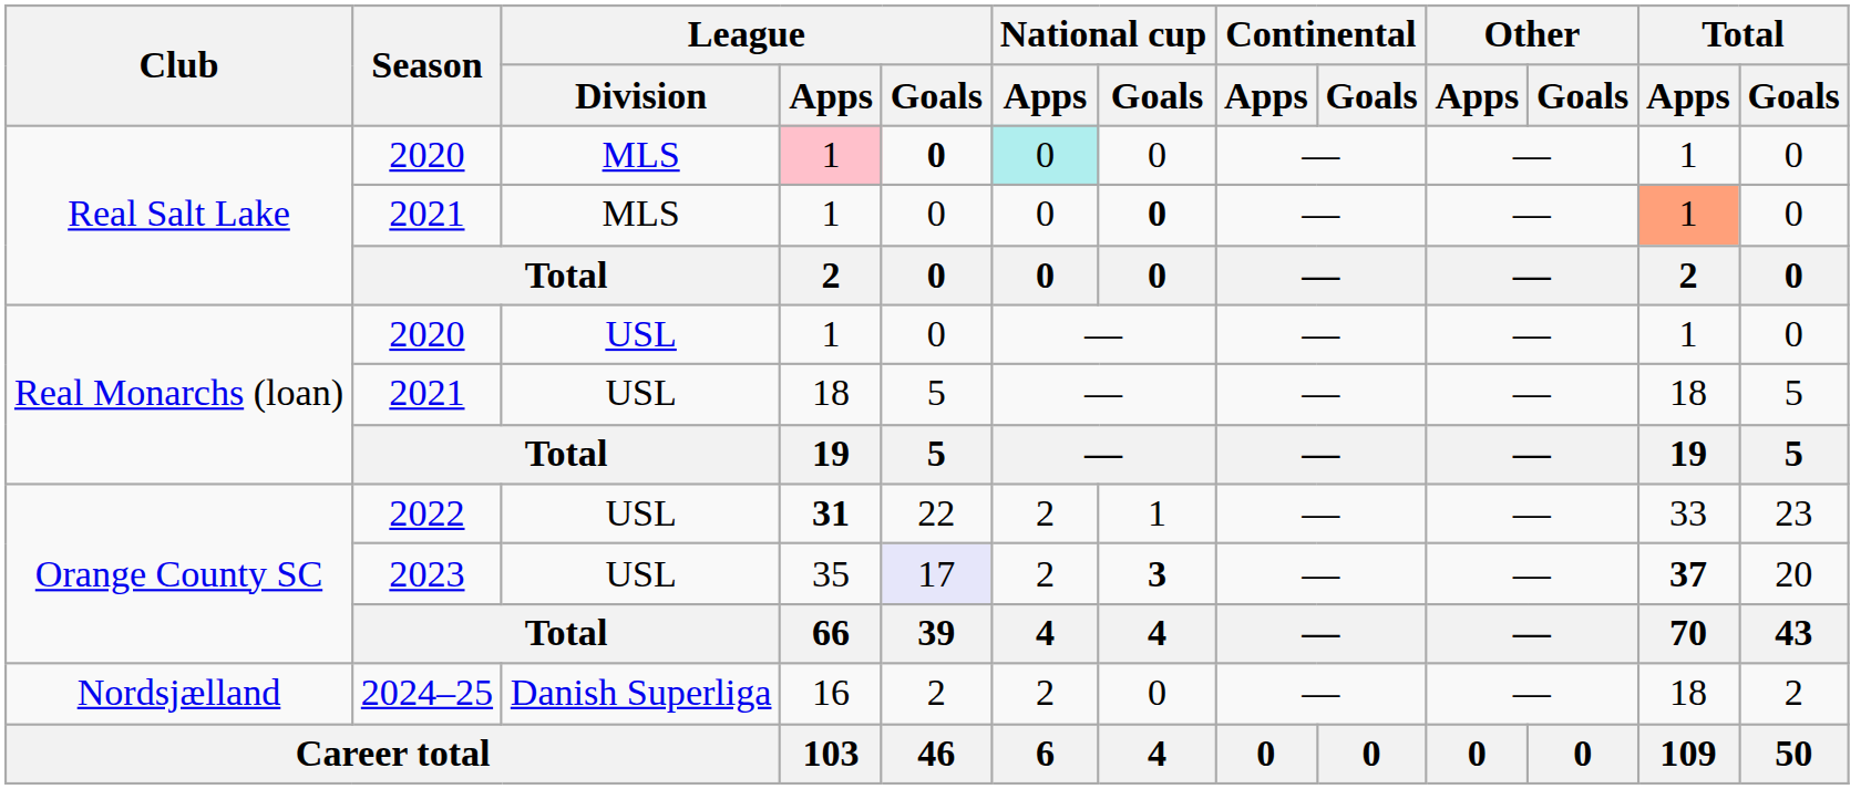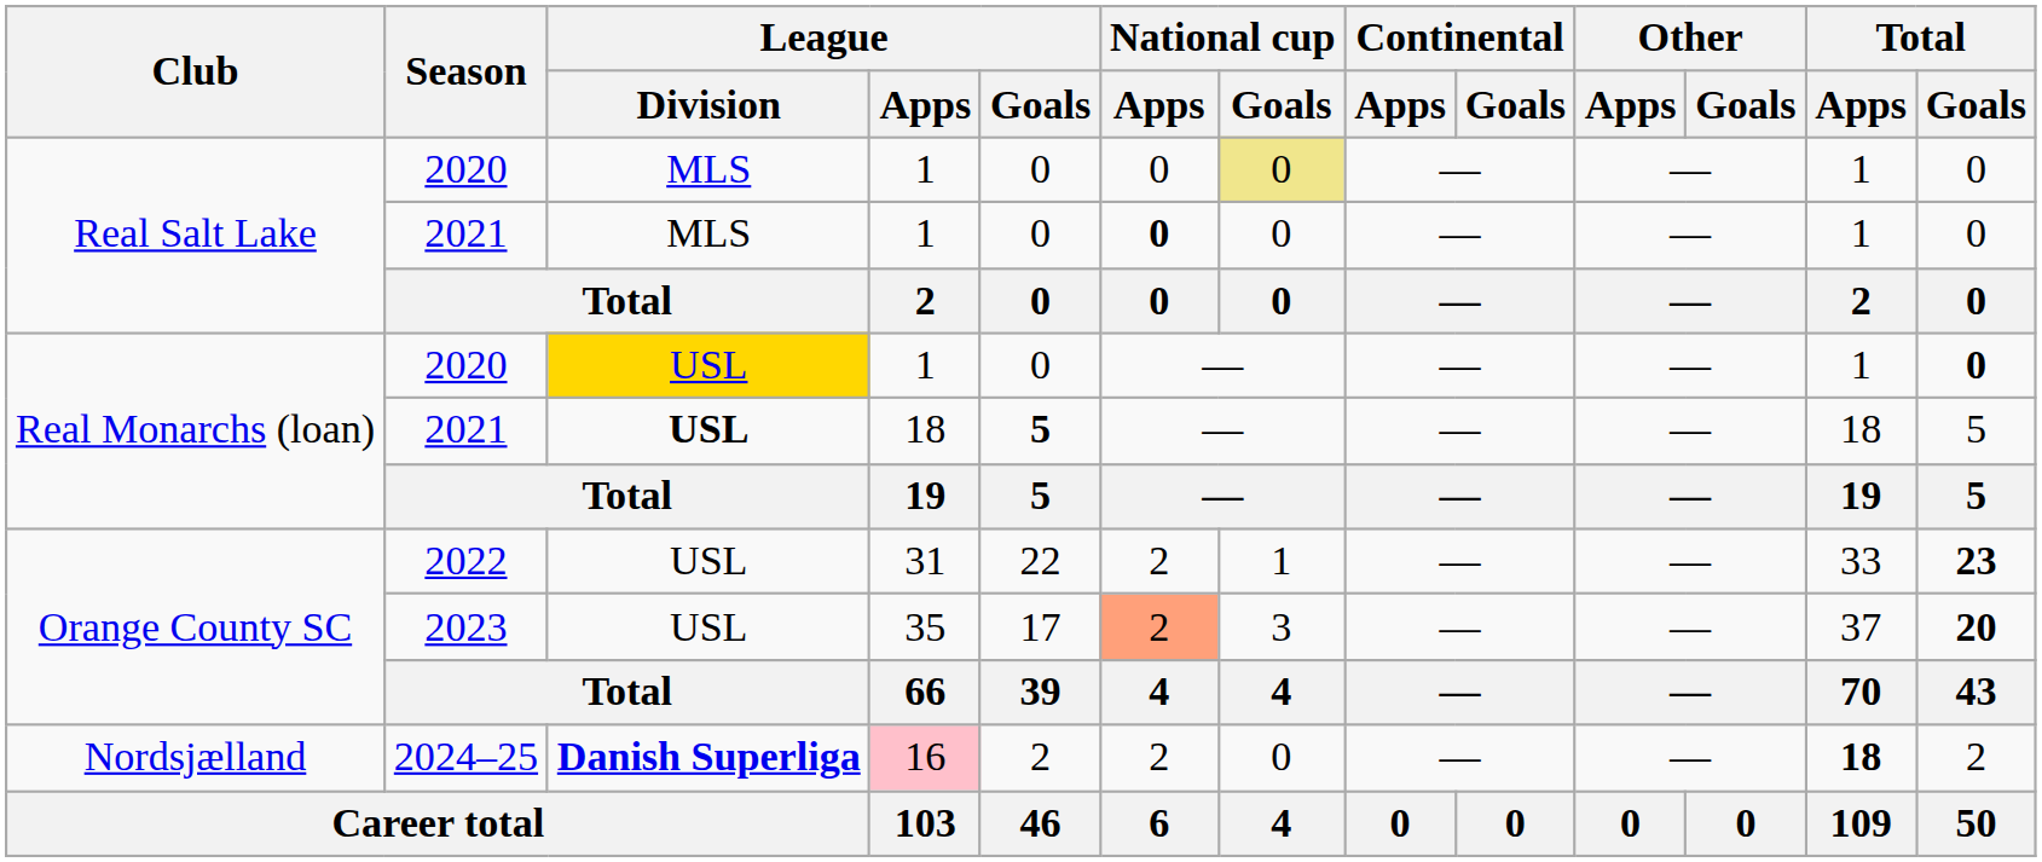 <table class="wikitable" style="text-align: center">
 <tr>
 <th rowspan=2>Club</th>
 <th rowspan=2>Season</th>
 <th colspan=3>League</th>
 <th colspan=2>National cup</th>
 <th colspan=2>Continental</th>
 <th colspan=2>Other</th>
 <th colspan=2>Total</th>
 </tr>
 <tr>
 <th>Division</th>
 <th>Apps</th>
 <th>Goals</th>
 <th>Apps</th>
 <th>Goals</th>
 <th>Apps</th>
 <th>Goals</th>
 <th>Apps</th>
 <th>Goals</th>
 <th>Apps</th>
 <th>Goals</th>
 </tr>
 <tr>
 <td rowspan="3"><a href='#'>Real Salt Lake</a></td>
 <td><a href='#'>2020</a></td>
 <td><a href='#'>MLS</a></td>
-<td style="background: pink;">1</td>
-<td><strong>0</strong></td>
-<td style="background: paleturquoise;">0</td>
+<td>1</td>
 <td>0</td>
+<td>0</td>
+<td style="background: khaki;">0</td>
 <td colspan="2">—</td>
 <td colspan="2">—</td>
 <td>1</td>
 <td>0</td>
 </tr>
 <tr>
 <td><a href='#'>2021</a></td>
 <td>MLS</td>
 <td>1</td>
 <td>0</td>
+<td><strong>0</strong></td>
 <td>0</td>
-<td><strong>0</strong></td>
 <td colspan="2">—</td>
 <td colspan="2">—</td>
-<td style="background: lightsalmon;">1</td>
+<td>1</td>
 <td>0</td>
 </tr>
 <tr>
 <th colspan="2">Total</th>
 <th>2</th>
 <th>0</th>
 <th>0</th>
 <th>0</th>
 <th colspan="2">—</th>
 <th colspan="2">—</th>
 <th>2</th>
 <th>0</th>
 </tr>
 <tr>
 <td rowspan="3"><a href='#'>Real Monarchs</a> (loan)</td>
 <td><a href='#'>2020</a></td>
-<td><a href='#'>USL</a></td>
+<td style="background: gold;"><a href='#'>USL</a></td>
 <td>1</td>
 <td>0</td>
 <td colspan="2">—</td>
 <td colspan="2">—</td>
 <td colspan="2">—</td>
 <td>1</td>
-<td>0</td>
+<td><strong>0</strong></td>
 </tr>
 <tr>
 <td><a href='#'>2021</a></td>
-<td>USL</td>
+<td><strong>USL</strong></td>
 <td>18</td>
-<td>5</td>
+<td><strong>5</strong></td>
 <td colspan="2">—</td>
 <td colspan="2">—</td>
 <td colspan="2">—</td>
 <td>18</td>
 <td>5</td>
 </tr>
 <tr>
 <th colspan="2">Total</th>
 <th>19</th>
 <th>5</th>
 <th colspan="2">—</th>
 <th colspan="2">—</th>
 <th colspan="2">—</th>
 <th>19</th>
 <th>5</th>
 </tr>
 <tr>
 <td rowspan="3"><a href='#'>Orange County SC</a></td>
 <td><a href='#'>2022</a></td>
 <td>USL</td>
-<td><strong>31</strong></td>
+<td>31</td>
 <td>22</td>
 <td>2</td>
 <td>1</td>
 <td colspan="2">—</td>
 <td colspan="2">—</td>
 <td>33</td>
-<td>23</td>
+<td><strong>23</strong></td>
 </tr>
 <tr>
 <td><a href='#'>2023</a></td>
 <td>USL</td>
 <td>35</td>
-<td style="background: lavender;">17</td>
-<td>2</td>
-<td><strong>3</strong></td>
+<td>17</td>
+<td style="background: lightsalmon;">2</td>
+<td>3</td>
 <td colspan="2">—</td>
 <td colspan="2">—</td>
-<td><strong>37</strong></td>
-<td>20</td>
+<td>37</td>
+<td><strong>20</strong></td>
 </tr>
 <tr>
 <th colspan="2">Total</th>
 <th>66</th>
 <th>39</th>
 <th>4</th>
 <th>4</th>
 <th colspan="2">—</th>
 <th colspan="2">—</th>
 <th>70</th>
 <th>43</th>
 </tr>
 <tr>
 <td><a href='#'>Nordsjælland</a></td>
 <td><a href='#'>2024–25</a></td>
-<td><a href='#'>Danish Superliga</a></td>
-<td>16</td>
+<td><strong><a href='#'>Danish Superliga</a></strong></td>
+<td style="background: pink;">16</td>
 <td>2</td>
 <td>2</td>
 <td>0</td>
 <td colspan="2">—</td>
 <td colspan="2">—</td>
-<td>18</td>
+<td><strong>18</strong></td>
 <td>2</td>
 </tr>
 <tr>
 <th colspan="3">Career total</th>
 <th>103</th>
 <th>46</th>
 <th>6</th>
 <th>4</th>
 <th>0</th>
 <th>0</th>
 <th>0</th>
 <th>0</th>
 <th>109</th>
 <th>50</th>
 </tr>
 </table>
